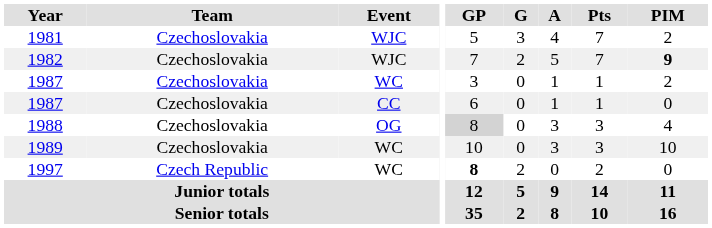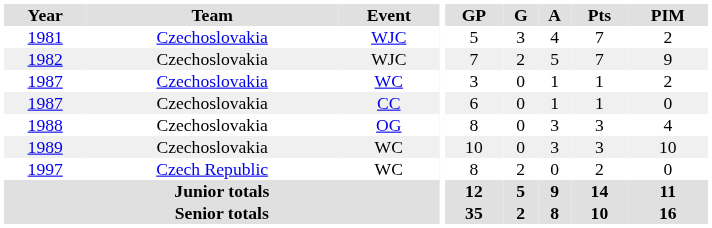 <table border="0" cellpadding="1" cellspacing="0" ID="Table3" style="text-align:center; width:40em">
 <tr ALIGN="center" bgcolor="#e0e0e0">
 <th>Year</th>
 <th>Team</th>
 <th>Event</th>
 <th rowspan="99" bgcolor="#ffffff"></th>
 <th>GP</th>
 <th>G</th>
 <th>A</th>
 <th>Pts</th>
 <th>PIM</th>
 </tr>
 <tr>
 <td><a href='#'>1981</a></td>
 <td><a href='#'>Czechoslovakia</a></td>
 <td><a href='#'>WJC</a></td>
 <td>5</td>
 <td>3</td>
 <td>4</td>
 <td>7</td>
 <td>2</td>
 </tr>
 <tr bgcolor="#f0f0f0">
 <td><a href='#'>1982</a></td>
 <td>Czechoslovakia</td>
 <td>WJC</td>
 <td>7</td>
 <td>2</td>
 <td>5</td>
 <td>7</td>
-<td><strong>9</strong></td>
+<td>9</td>
 </tr>
 <tr>
 <td><a href='#'>1987</a></td>
 <td><a href='#'>Czechoslovakia</a></td>
 <td><a href='#'>WC</a></td>
 <td>3</td>
 <td>0</td>
 <td>1</td>
 <td>1</td>
 <td>2</td>
 </tr>
 <tr bgcolor="#f0f0f0">
 <td><a href='#'>1987</a></td>
 <td>Czechoslovakia</td>
 <td><a href='#'>CC</a></td>
 <td>6</td>
 <td>0</td>
 <td>1</td>
 <td>1</td>
 <td>0</td>
 </tr>
 <tr>
 <td><a href='#'>1988</a></td>
 <td>Czechoslovakia</td>
 <td><a href='#'>OG</a></td>
-<td style="background: lightgrey;">8</td>
+<td>8</td>
 <td>0</td>
 <td>3</td>
 <td>3</td>
 <td>4</td>
 </tr>
 <tr bgcolor="#f0f0f0">
 <td><a href='#'>1989</a></td>
 <td>Czechoslovakia</td>
 <td>WC</td>
 <td>10</td>
 <td>0</td>
 <td>3</td>
 <td>3</td>
 <td>10</td>
 </tr>
 <tr>
 <td><a href='#'>1997</a></td>
 <td><a href='#'>Czech Republic</a></td>
 <td>WC</td>
-<td><strong>8</strong></td>
+<td>8</td>
 <td>2</td>
 <td>0</td>
 <td>2</td>
 <td>0</td>
 </tr>
 <tr bgcolor="#e0e0e0">
 <th colspan="3">Junior totals</th>
 <th>12</th>
 <th>5</th>
 <th>9</th>
 <th>14</th>
 <th>11</th>
 </tr>
 <tr bgcolor="#e0e0e0">
 <th colspan="3">Senior totals</th>
 <th>35</th>
 <th>2</th>
 <th>8</th>
 <th>10</th>
 <th>16</th>
 </tr>
 </table>
